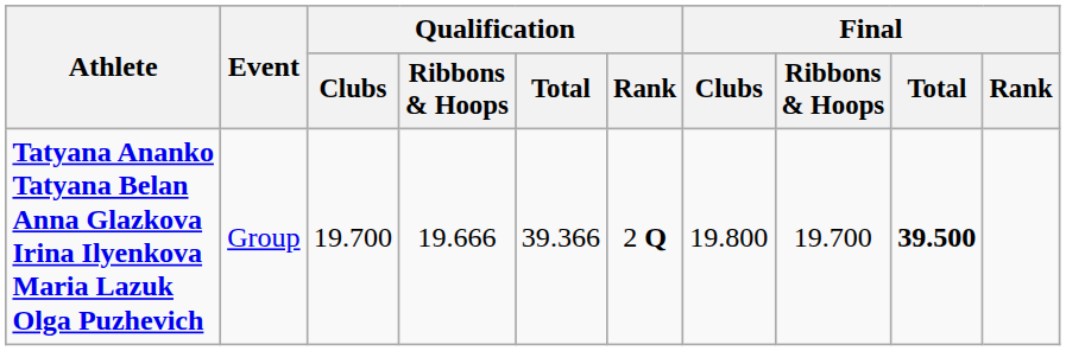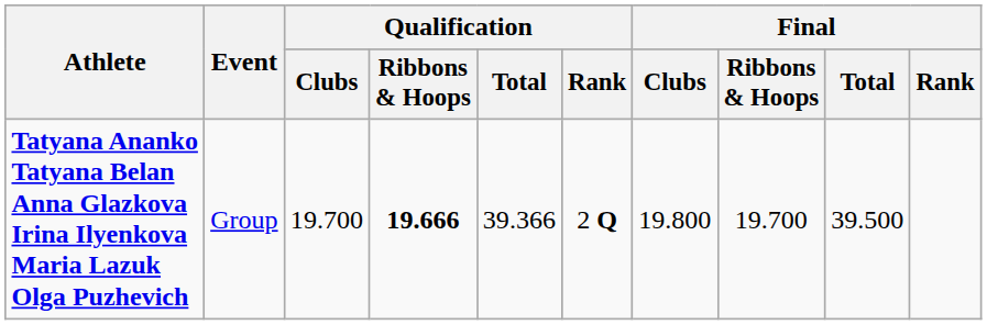 <table class=wikitable style="font-size:90%; text-align:center">
 <tr>
 <th rowspan="2">Athlete</th>
 <th rowspan="2">Event</th>
 <th colspan=4>Qualification</th>
 <th colspan=4>Final</th>
 </tr>
 <tr style="font-size:95%">
 <th>Clubs</th>
 <th>Ribbons<br> & Hoops</th>
 <th>Total</th>
 <th>Rank</th>
 <th>Clubs</th>
 <th>Ribbons<br> & Hoops</th>
 <th>Total</th>
 <th>Rank</th>
 </tr>
 <tr>
 <td align=left><strong><a href='#'>Tatyana Ananko</a></strong><br> <strong><a href='#'>Tatyana Belan</a></strong><br> <strong><a href='#'>Anna Glazkova</a></strong><br> <strong><a href='#'>Irina Ilyenkova</a></strong><br> <strong><a href='#'>Maria Lazuk</a></strong><br> <strong><a href='#'>Olga Puzhevich</a></strong></td>
 <td align=left><a href='#'>Group</a></td>
 <td>19.700</td>
-<td>19.666</td>
+<td><strong>19.666</strong></td>
 <td>39.366</td>
 <td>2 <strong>Q</strong></td>
 <td>19.800</td>
 <td>19.700</td>
-<td><strong>39.500</strong></td>
+<td>39.500</td>
 <td></td>
 </tr>
 </table>
